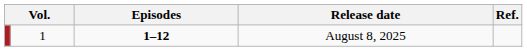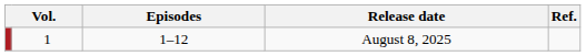 <table class="wikitable" style="text-align: center; width: 50%;">
 <tr>
 <th colspan="2">Vol.</th>
 <th>Episodes</th>
 <th>Release date</th>
 <th width="5%">Ref.</th>
 </tr>
 <tr>
 <td rowspan="2" width="1%" style="background: #AE1C23;"></td>
 <td>1</td>
-<td><strong>1–12</strong></td>
+<td>1–12</td>
 <td>August 8, 2025</td>
 <td></td>
 </tr>
 </table>
